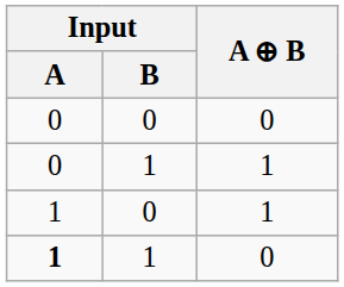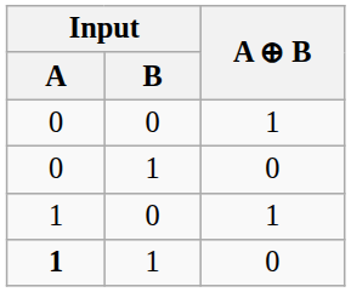 <table class="wikitable" style="text-align:center; margin: 0 auto">
 <tr>
 <th colspan="2">Input</th>
 <th rowspan="2" style="width: 70px;">A ⊕ B</th>
 </tr>
 <tr>
 <th style="width: 45px;">A</th>
 <th style="width: 45px;">B</th>
 </tr>
 <tr>
 <td>0</td>
 <td>0</td>
-<td>0</td>
+<td>1</td>
 </tr>
 <tr>
 <td>0</td>
 <td>1</td>
-<td>1</td>
+<td>0</td>
 </tr>
 <tr>
 <td>1</td>
 <td>0</td>
 <td>1</td>
 </tr>
 <tr>
 <td><strong>1</strong></td>
 <td>1</td>
 <td>0</td>
 </tr>
 </table>
